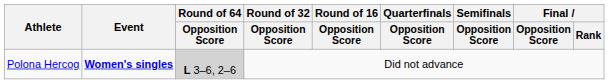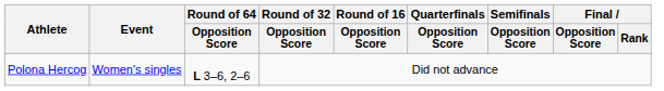 <table class=wikitable style="font-size:90%">
 <tr>
 <th rowspan=2>Athlete</th>
 <th rowspan=2>Event</th>
 <th>Round of 64</th>
 <th>Round of 32</th>
 <th>Round of 16</th>
 <th>Quarterfinals</th>
 <th>Semifinals</th>
 <th colspan=2>Final / </th>
 </tr>
 <tr style="font-size:95%">
 <th>Opposition<br>Score</th>
 <th>Opposition<br>Score</th>
 <th>Opposition<br>Score</th>
 <th>Opposition<br>Score</th>
 <th>Opposition<br>Score</th>
 <th>Opposition<br>Score</th>
 <th>Rank</th>
 </tr>
 <tr align=center>
 <td align=left><a href='#'>Polona Hercog</a></td>
-<td align=left><strong><a href='#'>Women's singles</a></strong></td>
-<td style="background: lightgrey;"><br><strong>L</strong> 3–6, 2–6</td>
+<td align=left><a href='#'>Women's singles</a></td>
+<td><br><strong>L</strong> 3–6, 2–6</td>
 <td colspan=6>Did not advance</td>
 </tr>
 </table>
